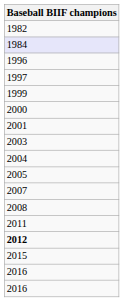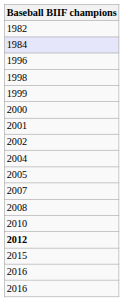 <table class="wikitable">
 <tr>
 <th>Baseball BIIF champions</th>
 </tr>
 <tr>
 <td>1982</td>
 </tr>
 <tr>
 <td style="background: lavender;">1984</td>
 </tr>
 <tr>
 <td>1996</td>
 </tr>
 <tr>
-<td>1997</td>
+<td>1998</td>
 </tr>
 <tr>
 <td>1999</td>
 </tr>
 <tr>
 <td>2000</td>
 </tr>
 <tr>
 <td>2001</td>
 </tr>
 <tr>
-<td>2003</td>
+<td>2002</td>
 </tr>
 <tr>
 <td>2004</td>
 </tr>
 <tr>
 <td>2005</td>
 </tr>
 <tr>
 <td>2007</td>
 </tr>
 <tr>
 <td>2008</td>
 </tr>
 <tr>
-<td>2011</td>
+<td>2010</td>
 </tr>
 <tr>
 <td><strong>2012</strong></td>
 </tr>
 <tr>
 <td>2015</td>
 </tr>
 <tr>
 <td>2016</td>
 </tr>
 <tr>
 <td>2016</td>
 </tr>
 </table>
